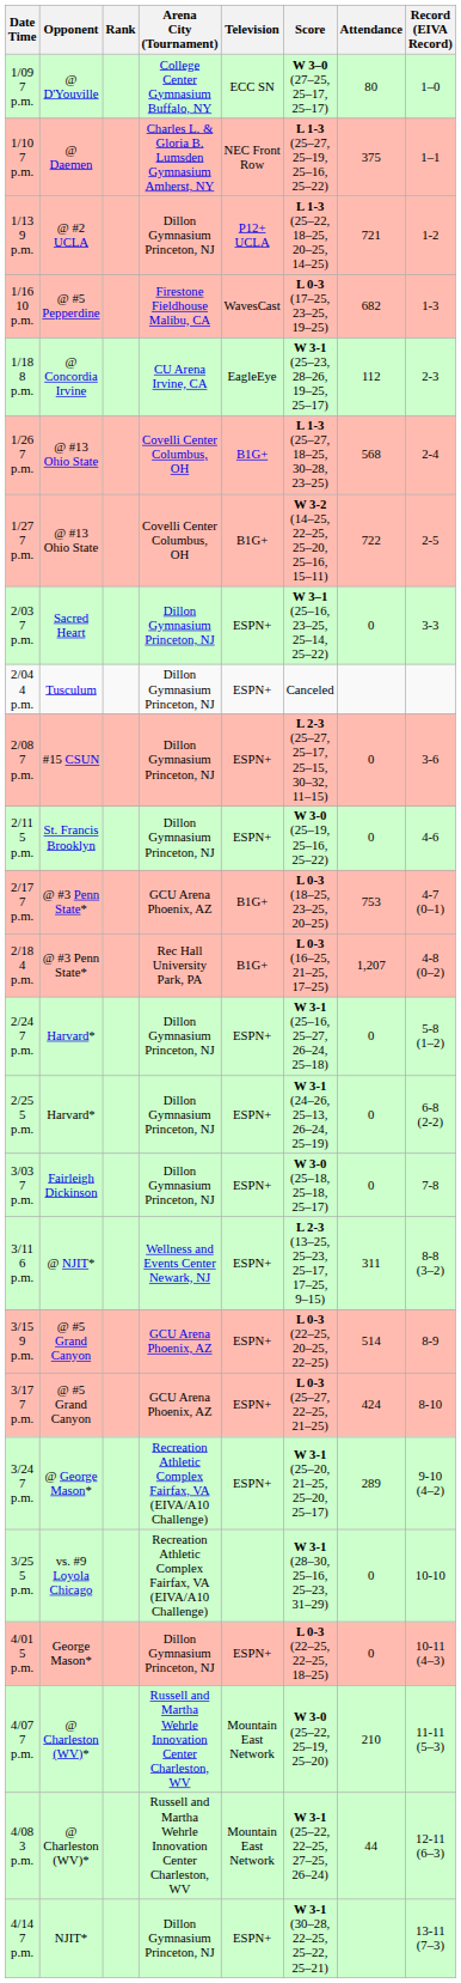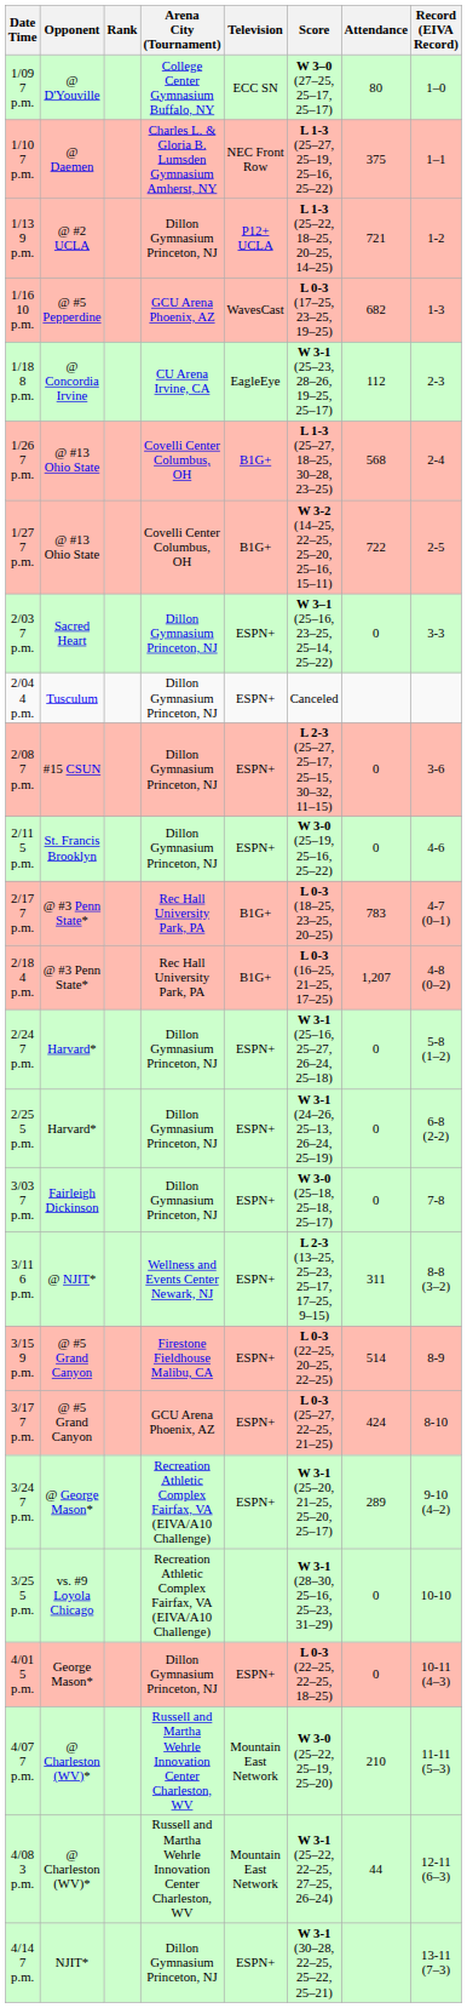 <table class="wikitable sortable" style="width:90%">
 <tr>
 <th>Date<br>Time</th>
 <th>Opponent</th>
 <th>Rank</th>
 <th>Arena<br>City<br>(Tournament)</th>
 <th>Television</th>
 <th>Score</th>
 <th>Attendance</th>
 <th>Record<br>(EIVA Record)</th>
 </tr>
 <tr align="center" bgcolor="#ccffcc">
 <td>1/09<br>7 p.m.</td>
 <td>@ <a href='#'>D'Youville</a></td>
 <td></td>
 <td><a href='#'>College Center Gymnasium</a><br><a href='#'>Buffalo, NY</a></td>
 <td>ECC SN</td>
 <td><strong>W 3–0</strong><br>(27–25, 25–17, 25–17)</td>
 <td>80</td>
 <td>1–0</td>
 </tr>
 <tr align="center" bgcolor="#ffbbb">
 <td>1/10<br>7 p.m.</td>
 <td>@ <a href='#'>Daemen</a></td>
 <td></td>
 <td><a href='#'>Charles L. & Gloria B. Lumsden Gymnasium</a> <br> <a href='#'>Amherst, NY</a></td>
 <td>NEC Front Row</td>
 <td><strong>L 1-3</strong><br>(25–27, 25–19, 25–16, 25–22)</td>
 <td>375</td>
 <td>1–1</td>
 </tr>
 <tr align="center" bgcolor="#ffbbb">
 <td>1/13<br>9 p.m.</td>
 <td>@ #2 <a href='#'>UCLA</a></td>
 <td></td>
 <td>Dillon Gymnasium<br>Princeton, NJ</td>
 <td><a href='#'>P12+ UCLA</a></td>
 <td><strong>L 1-3</strong><br>(25–22, 18–25, 20–25, 14–25)</td>
 <td>721</td>
 <td>1-2</td>
 </tr>
 <tr align="center" bgcolor="#ffbbb">
 <td>1/16<br>10 p.m.</td>
 <td>@ #5 <a href='#'>Pepperdine</a></td>
 <td></td>
-<td><a href='#'>Firestone Fieldhouse</a><br><a href='#'>Malibu, CA</a></td>
+<td><a href='#'>GCU Arena</a><br><a href='#'>Phoenix, AZ</a></td>
 <td>WavesCast</td>
 <td><strong>L 0-3</strong><br>(17–25, 23–25, 19–25)</td>
 <td>682</td>
 <td>1-3</td>
 </tr>
 <tr align="center" bgcolor="#ccffcc">
 <td>1/18<br>8 p.m.</td>
 <td>@ <a href='#'>Concordia Irvine</a></td>
 <td></td>
 <td><a href='#'>CU Arena</a><br><a href='#'>Irvine, CA</a></td>
 <td>EagleEye</td>
 <td><strong>W 3-1</strong><br>(25–23, 28–26, 19–25, 25–17)</td>
 <td>112</td>
 <td>2-3</td>
 </tr>
 <tr align="center" bgcolor="#ffbbb">
 <td>1/26<br>7 p.m.</td>
 <td>@ #13 <a href='#'>Ohio State</a></td>
 <td></td>
 <td><a href='#'>Covelli Center</a><br><a href='#'>Columbus, OH</a></td>
 <td><a href='#'>B1G+</a></td>
 <td><strong>L 1-3</strong><br>(25–27, 18–25, 30–28, 23–25)</td>
 <td>568</td>
 <td>2-4</td>
 </tr>
 <tr align="center" bgcolor="#ffbbb">
 <td>1/27<br>7 p.m.</td>
 <td>@ #13 Ohio State</td>
 <td></td>
 <td>Covelli Center<br>Columbus, OH</td>
 <td>B1G+</td>
 <td><strong>W 3-2</strong><br>(14–25, 22–25, 25–20, 25–16, 15–11)</td>
 <td>722</td>
 <td>2-5</td>
 </tr>
 <tr align="center" bgcolor="#ccffcc">
 <td>2/03<br>7 p.m.</td>
 <td><a href='#'>Sacred Heart</a></td>
 <td></td>
 <td><a href='#'>Dillon Gymnasium</a><br><a href='#'>Princeton, NJ</a></td>
 <td>ESPN+</td>
 <td><strong>W 3–1</strong><br>(25–16, 23–25, 25–14, 25–22)</td>
 <td>0</td>
 <td>3-3</td>
 </tr>
 <tr align="center">
 <td>2/04<br>4 p.m.</td>
 <td><a href='#'>Tusculum</a></td>
 <td></td>
 <td>Dillon Gymnasium<br>Princeton, NJ</td>
 <td>ESPN+</td>
 <td>Canceled</td>
 <td></td>
 <td></td>
 </tr>
 <tr align="center" bgcolor="#ffbbb">
 <td>2/08<br>7 p.m.</td>
 <td>#15 <a href='#'>CSUN</a></td>
 <td></td>
 <td>Dillon Gymnasium<br>Princeton, NJ</td>
 <td>ESPN+</td>
 <td><strong>L 2-3</strong><br>(25–27, 25–17, 25–15, 30–32, 11–15)</td>
 <td>0</td>
 <td>3-6</td>
 </tr>
 <tr align="center" bgcolor="#ccffcc">
 <td>2/11<br>5 p.m.</td>
 <td><a href='#'>St. Francis Brooklyn</a></td>
 <td></td>
 <td>Dillon Gymnasium<br>Princeton, NJ</td>
 <td>ESPN+</td>
 <td><strong>W 3-0</strong><br>(25–19, 25–16, 25–22)</td>
 <td>0</td>
 <td>4-6</td>
 </tr>
 <tr align="center" bgcolor="#ffbbb">
 <td>2/17<br>7 p.m.</td>
 <td>@ #3 <a href='#'>Penn State</a>*</td>
 <td></td>
-<td>GCU Arena<br>Phoenix, AZ</td>
+<td><a href='#'>Rec Hall</a><br><a href='#'>University Park, PA</a></td>
 <td>B1G+</td>
 <td><strong>L 0-3</strong><br>(18–25, 23–25, 20–25)</td>
-<td>753</td>
+<td>783</td>
 <td>4-7<br>(0–1)</td>
 </tr>
 <tr align="center" bgcolor="#ffbbb">
 <td>2/18<br>4 p.m.</td>
 <td>@ #3 Penn State*</td>
 <td></td>
 <td>Rec Hall<br>University Park, PA</td>
 <td>B1G+</td>
 <td><strong>L 0-3</strong><br>(16–25, 21–25, 17–25)</td>
 <td>1,207</td>
 <td>4-8<br>(0–2)</td>
 </tr>
 <tr align="center" bgcolor="#ccffcc">
 <td>2/24<br>7 p.m.</td>
 <td><a href='#'>Harvard</a>*</td>
 <td></td>
 <td>Dillon Gymnasium<br>Princeton, NJ</td>
 <td>ESPN+</td>
 <td><strong>W 3-1</strong><br>(25–16, 25–27, 26–24, 25–18)</td>
 <td>0</td>
 <td>5-8<br>(1–2)</td>
 </tr>
 <tr align="center" bgcolor="#ccffcc">
 <td>2/25<br>5 p.m.</td>
 <td>Harvard*</td>
 <td></td>
 <td>Dillon Gymnasium<br>Princeton, NJ</td>
 <td>ESPN+</td>
 <td><strong>W 3-1</strong><br>(24–26, 25–13, 26–24, 25–19)</td>
 <td>0</td>
 <td>6-8<br>(2-2)</td>
 </tr>
 <tr align="center" bgcolor="#ccffcc">
 <td>3/03<br>7 p.m.</td>
 <td><a href='#'>Fairleigh Dickinson</a></td>
 <td></td>
 <td>Dillon Gymnasium<br>Princeton, NJ</td>
 <td>ESPN+</td>
 <td><strong>W 3-0</strong><br>(25–18, 25–18, 25–17)</td>
 <td>0</td>
 <td>7-8</td>
 </tr>
 <tr align="center" bgcolor="#ccffcc">
 <td>3/11<br>6 p.m.</td>
 <td>@ <a href='#'>NJIT</a>*</td>
 <td></td>
 <td><a href='#'>Wellness and Events Center</a><br><a href='#'>Newark, NJ</a></td>
 <td>ESPN+</td>
 <td><strong>L 2-3</strong><br>(13–25, 25–23, 25–17, 17–25, 9–15)</td>
 <td>311</td>
 <td>8-8<br>(3–2)</td>
 </tr>
 <tr align="center" bgcolor="#ffbbb">
 <td>3/15<br>9 p.m.</td>
 <td>@ #5 <a href='#'>Grand Canyon</a></td>
 <td></td>
-<td><a href='#'>GCU Arena</a><br><a href='#'>Phoenix, AZ</a></td>
+<td><a href='#'>Firestone Fieldhouse</a><br><a href='#'>Malibu, CA</a></td>
 <td>ESPN+</td>
 <td><strong>L 0-3</strong><br>(22–25, 20–25, 22–25)</td>
 <td>514</td>
 <td>8-9</td>
 </tr>
 <tr align="center" bgcolor="#ffbbb">
 <td>3/17<br>7 p.m.</td>
 <td>@ #5 Grand Canyon</td>
 <td></td>
 <td>GCU Arena<br>Phoenix, AZ</td>
 <td>ESPN+</td>
 <td><strong>L 0-3</strong><br>(25–27, 22–25, 21–25)</td>
 <td>424</td>
 <td>8-10</td>
 </tr>
 <tr align="center" bgcolor="#ccffcc">
 <td>3/24<br>7 p.m.</td>
 <td>@ <a href='#'>George Mason</a>*</td>
 <td></td>
 <td><a href='#'>Recreation Athletic Complex</a> <br><a href='#'>Fairfax, VA</a><br>(EIVA/A10 Challenge)</td>
 <td>ESPN+</td>
 <td><strong>W 3-1</strong><br>(25–20, 21–25, 25–20, 25–17)</td>
 <td>289</td>
 <td>9-10<br>(4–2)</td>
 </tr>
 <tr align="center" bgcolor="#ccffcc">
 <td>3/25<br>5 p.m.</td>
 <td>vs. #9 <a href='#'>Loyola Chicago</a></td>
 <td></td>
 <td>Recreation Athletic Complex<br>Fairfax, VA<br>(EIVA/A10 Challenge)</td>
 <td></td>
 <td><strong>W 3-1</strong><br>(28–30, 25–16, 25–23, 31–29)</td>
 <td>0</td>
 <td>10-10</td>
 </tr>
 <tr align="center" bgcolor="#ffbbb">
 <td>4/01<br>5 p.m.</td>
 <td>George Mason*</td>
 <td></td>
 <td>Dillon Gymnasium<br>Princeton, NJ</td>
 <td>ESPN+</td>
 <td><strong>L 0-3</strong><br>(22–25, 22–25, 18–25)</td>
 <td>0</td>
 <td>10-11<br>(4–3)</td>
 </tr>
 <tr align="center" bgcolor="#ccffcc">
 <td>4/07<br>7 p.m.</td>
 <td>@ <a href='#'>Charleston (WV)</a>*</td>
 <td></td>
 <td><a href='#'>Russell and Martha Wehrle Innovation Center</a><br><a href='#'>Charleston, WV</a></td>
 <td>Mountain East Network</td>
 <td><strong>W 3-0</strong><br>(25–22, 25–19, 25–20)</td>
 <td>210</td>
 <td>11-11<br>(5–3)</td>
 </tr>
 <tr align="center" bgcolor="#ccffcc">
 <td>4/08<br>3 p.m.</td>
 <td>@ Charleston (WV)*</td>
 <td></td>
 <td>Russell and Martha Wehrle Innovation Center<br>Charleston, WV</td>
 <td>Mountain East Network</td>
 <td><strong>W 3-1</strong><br>(25–22, 22–25, 27–25, 26–24)</td>
 <td>44</td>
 <td>12-11<br>(6–3)</td>
 </tr>
 <tr align="center" bgcolor="#ccffcc">
 <td>4/14<br>7 p.m.</td>
 <td>NJIT*</td>
 <td></td>
 <td>Dillon Gymnasium<br>Princeton, NJ</td>
 <td>ESPN+</td>
 <td><strong>W 3-1</strong><br>(30–28, 22–25, 25–22, 25–21)</td>
 <td></td>
 <td>13-11<br>(7–3)</td>
 </tr>
 </table>
